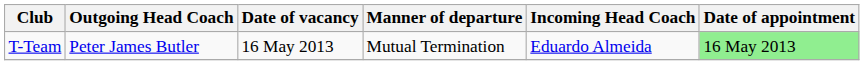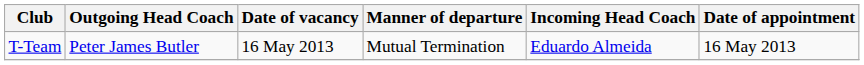 <table class="wikitable">
 <tr>
 <th>Club</th>
 <th>Outgoing Head Coach</th>
 <th>Date of vacancy</th>
 <th>Manner of departure</th>
 <th>Incoming Head Coach</th>
 <th>Date of appointment</th>
 </tr>
 <tr>
 <td><a href='#'>T-Team</a></td>
 <td><a href='#'>Peter James Butler</a></td>
 <td>16 May 2013</td>
 <td>Mutual Termination</td>
 <td><a href='#'>Eduardo Almeida</a></td>
-<td style="background: lightgreen;">16 May 2013</td>
+<td>16 May 2013</td>
 </tr>
 <tr>
 </tr>
 </table>
